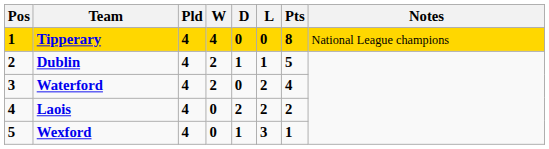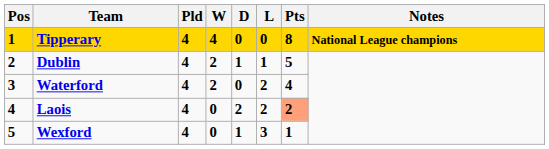 <table class="wikitable" style="text-align: centre;">
 <tr>
 <th width=20>Pos</th>
 <th width=150>Team</th>
 <th width=20>Pld</th>
 <th width=20>W</th>
 <th width=20>D</th>
 <th width=20>L</th>
 <th width=20>Pts</th>
 <th width=250>Notes</th>
 </tr>
 <tr style="background:gold;">
 <td><strong>1</strong></td>
 <td align=left><strong> <a href='#'>Tipperary</a> </strong></td>
 <td><strong>4</strong></td>
 <td><strong>4</strong></td>
 <td><strong>0</strong></td>
 <td><strong>0</strong></td>
 <td><strong>8</strong></td>
-<td><small> National League champions</small></td>
+<td><strong><small> National League champions</small></strong></td>
 </tr>
 <tr style>
 <td><strong>2</strong></td>
 <td align=left><strong> <a href='#'>Dublin</a> </strong></td>
 <td><strong>4</strong></td>
 <td><strong>2</strong></td>
 <td><strong>1</strong></td>
 <td><strong>1</strong></td>
 <td><strong>5</strong></td>
 </tr>
 <tr>
 <td><strong>3</strong></td>
 <td align=left><strong> <a href='#'>Waterford</a> </strong></td>
 <td><strong>4</strong></td>
 <td><strong>2</strong></td>
 <td><strong>0</strong></td>
 <td><strong>2</strong></td>
 <td><strong>4</strong></td>
 </tr>
 <tr>
 <td><strong>4</strong></td>
 <td align=left><strong> <a href='#'>Laois</a> </strong></td>
 <td><strong>4</strong></td>
 <td><strong>0</strong></td>
 <td><strong>2</strong></td>
 <td><strong>2</strong></td>
-<td><strong>2</strong></td>
+<td style="background: lightsalmon;"><strong>2</strong></td>
 </tr>
 <tr>
 <td><strong>5</strong></td>
 <td align=left><strong> <a href='#'>Wexford</a> </strong></td>
 <td><strong>4</strong></td>
 <td><strong>0</strong></td>
 <td><strong>1</strong></td>
 <td><strong>3</strong></td>
 <td><strong>1</strong></td>
 </tr>
 </table>
